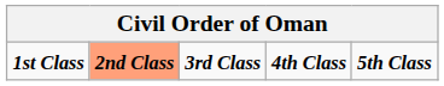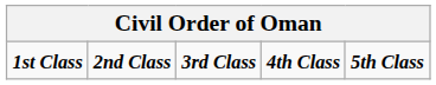 <table class="wikitable" style="margin: 1em auto;">
 <tr>
 <th colspan="5">Civil Order of Oman</th>
 </tr>
 <tr align="center">
 <td><em><small><strong>1st Class</strong></small></em></td>
-<td style="background: lightsalmon;"><em><small><strong>2nd Class</strong></small></em></td>
+<td><em><small><strong>2nd Class</strong></small></em></td>
 <td><em><small><strong>3rd Class</strong></small></em></td>
 <td><em><small><strong>4th Class</strong></small></em></td>
 <td><em><small><strong>5th Class</strong></small></em></td>
 </tr>
 </table>
